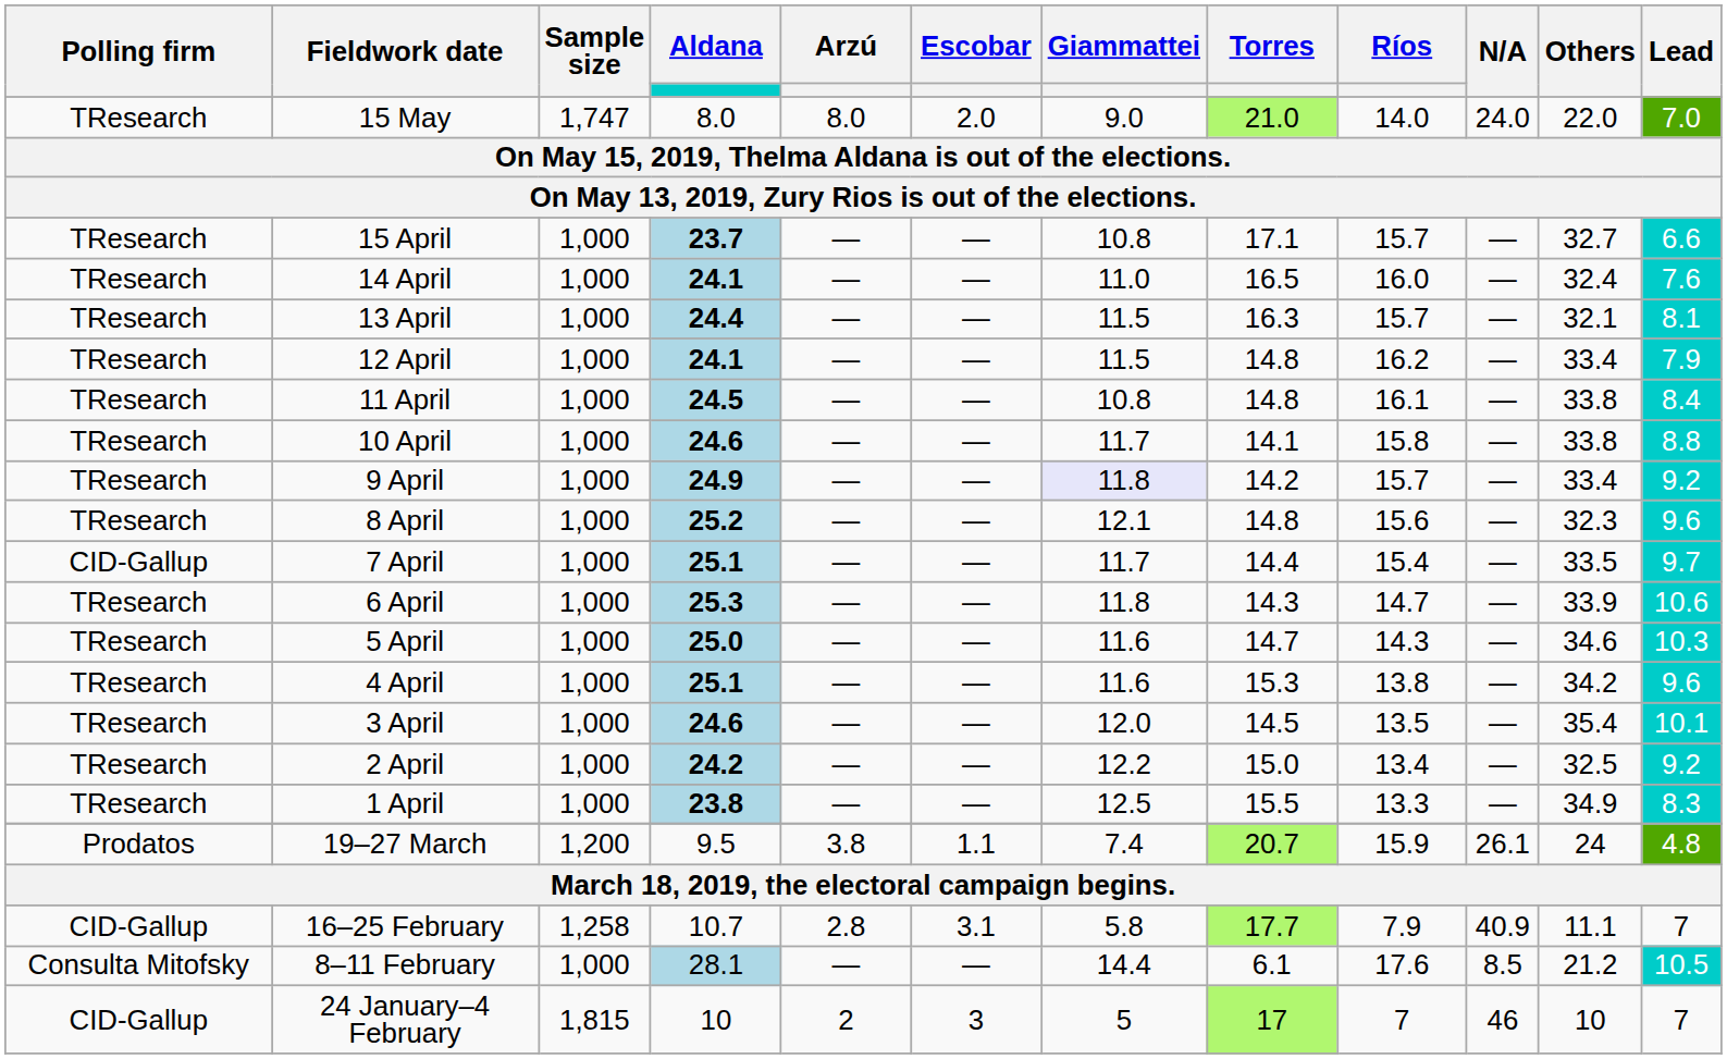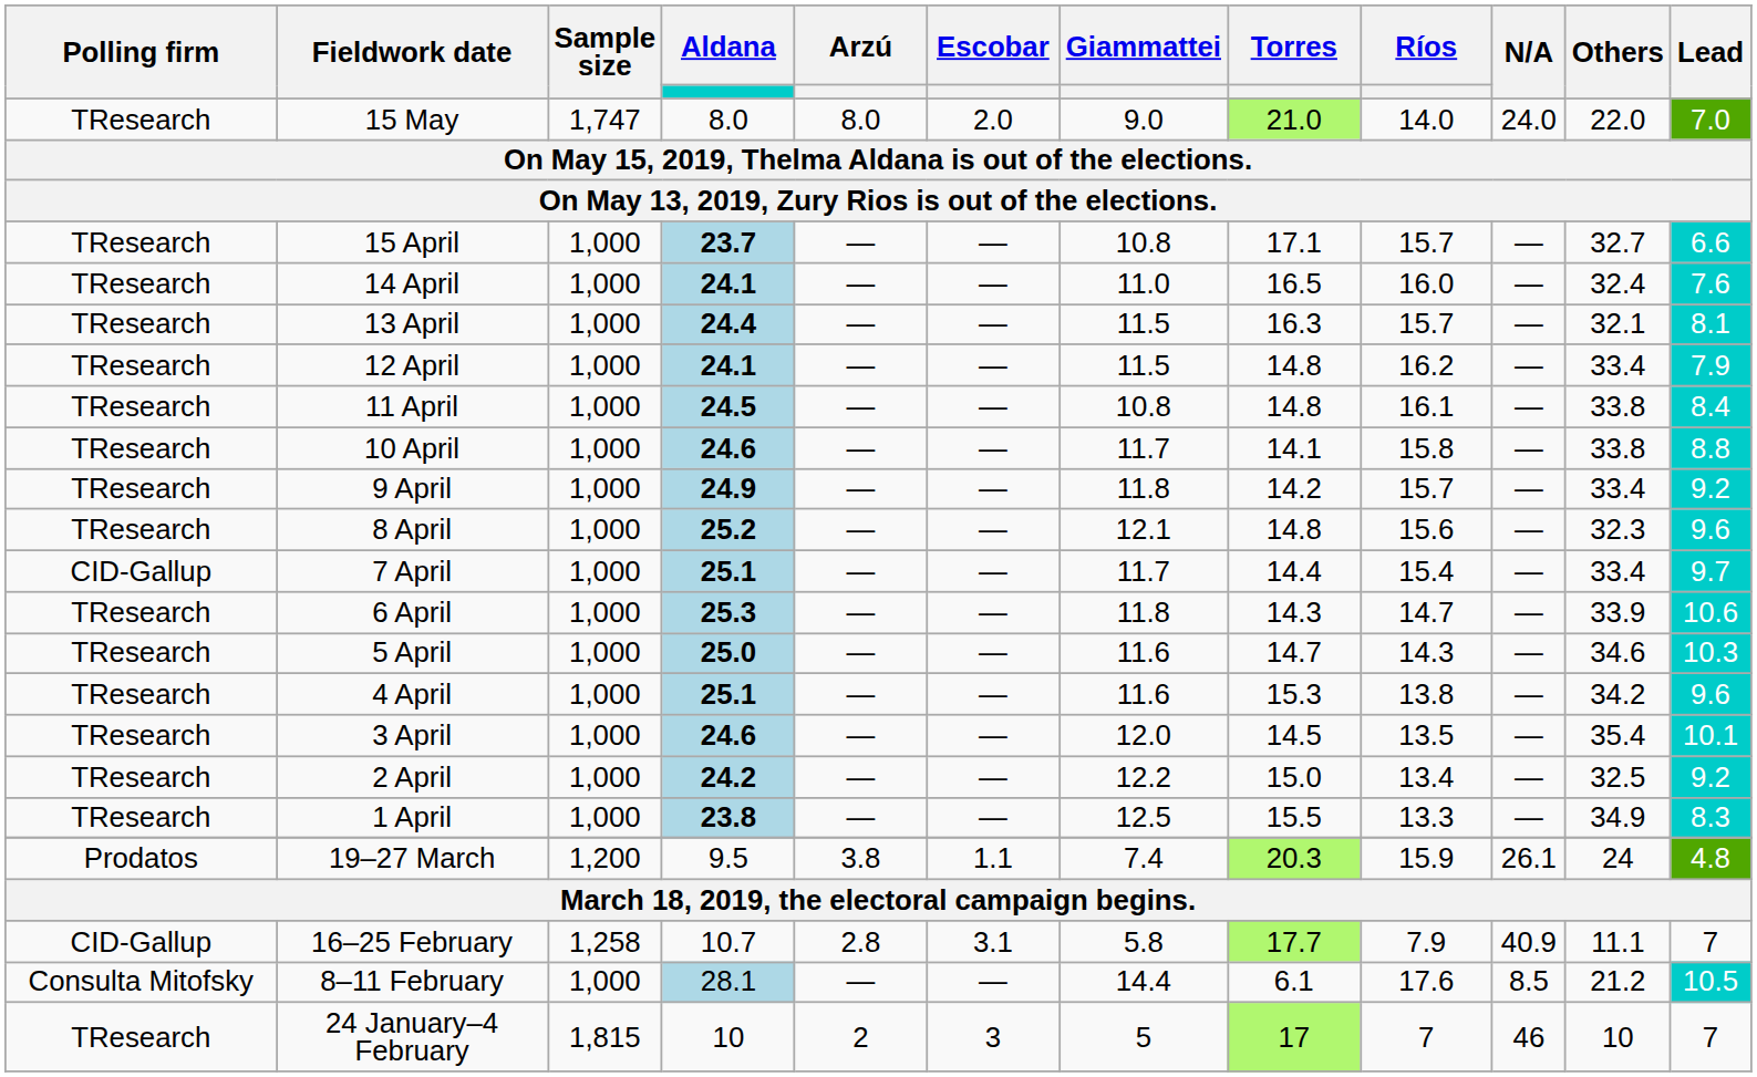 <table class="wikitable sortable" style="text-align:center;font-size:90%;line-height:14px;">
 <tr style="height:40px;">
 <th style="width:130px;" rowspan="2">Polling firm</th>
 <th style="width:130px;" rowspan="2">Fieldwork date</th>
 <th style="width:30px;" rowspan="2">Sample size</th>
 <th class="unsortable" style="width:60px;"><a href='#'>Aldana</a><br></th>
 <th class="unsortable" style="width:60px;">Arzú<br></th>
 <th class="unsortable" style="width:60px;"><a href='#'>Escobar</a><br></th>
 <th class="unsortable" style="width:60px;"><a href='#'>Giammattei</a><br></th>
 <th class="unsortable" style="width:60px;"><a href='#'>Torres</a><br></th>
 <th class="unsortable" style="width:60px;"><a href='#'>Ríos</a><br></th>
 <th style="width:30px;" rowspan="2">N/A</th>
 <th style="width:30px;" rowspan="2">Others</th>
 <th style="width:30px;" rowspan="2">Lead</th>
 </tr>
 <tr>
 <th style="background:#00CCC9;"></th>
 <th style="background:"></th>
 <th style="background:"></th>
 <th style="background:"></th>
 <th style="background:"></th>
 <th style="background:"></th>
 </tr>
 <tr>
 <td>TResearch</td>
 <td>15 May</td>
 <td>1,747</td>
 <td>8.0</td>
 <td>8.0</td>
 <td>2.0</td>
 <td>9.0</td>
 <td style="background:#b0f76f;">21.0</td>
 <td>14.0</td>
 <td>24.0</td>
 <td>22.0</td>
 <td style="background:#50A700; color:white;">7.0</td>
 </tr>
 <tr>
 <th colspan="12">On May 15, 2019, Thelma Aldana is out of the elections.</th>
 </tr>
 <tr>
 <th colspan="12">On May 13, 2019, Zury Rios is out of the elections.</th>
 </tr>
 <tr>
 <td>TResearch</td>
 <td>15 April</td>
 <td>1,000</td>
 <td style="background:#ADD8E6;"><strong>23.7</strong></td>
 <td>—</td>
 <td>—</td>
 <td>10.8</td>
 <td>17.1</td>
 <td>15.7</td>
 <td>—</td>
 <td>32.7</td>
 <td style="background:#00CCC9; color:white;">6.6</td>
 </tr>
 <tr>
 <td>TResearch</td>
 <td>14 April</td>
 <td>1,000</td>
 <td style="background:#ADD8E6;"><strong>24.1</strong></td>
 <td>—</td>
 <td>—</td>
 <td>11.0</td>
 <td>16.5</td>
 <td>16.0</td>
 <td>—</td>
 <td>32.4</td>
 <td style="background:#00CCC9; color:white;">7.6</td>
 </tr>
 <tr>
 <td>TResearch</td>
 <td>13 April</td>
 <td>1,000</td>
 <td style="background:#ADD8E6;"><strong>24.4</strong></td>
 <td>—</td>
 <td>—</td>
 <td>11.5</td>
 <td>16.3</td>
 <td>15.7</td>
 <td>—</td>
 <td>32.1</td>
 <td style="background:#00CCC9; color:white;">8.1</td>
 </tr>
 <tr>
 <td>TResearch</td>
 <td>12 April</td>
 <td>1,000</td>
 <td style="background:#ADD8E6;"><strong>24.1</strong></td>
 <td>—</td>
 <td>—</td>
 <td>11.5</td>
 <td>14.8</td>
 <td>16.2</td>
 <td>—</td>
 <td>33.4</td>
 <td style="background:#00CCC9; color:white;">7.9</td>
 </tr>
 <tr>
 <td>TResearch</td>
 <td>11 April</td>
 <td>1,000</td>
 <td style="background:#ADD8E6;"><strong>24.5</strong></td>
 <td>—</td>
 <td>—</td>
 <td>10.8</td>
 <td>14.8</td>
 <td>16.1</td>
 <td>—</td>
 <td>33.8</td>
 <td style="background:#00CCC9; color:white;">8.4</td>
 </tr>
 <tr>
 <td>TResearch</td>
 <td>10 April</td>
 <td>1,000</td>
 <td style="background:#ADD8E6;"><strong>24.6</strong></td>
 <td>—</td>
 <td>—</td>
 <td>11.7</td>
 <td>14.1</td>
 <td>15.8</td>
 <td>—</td>
 <td>33.8</td>
 <td style="background:#00CCC9; color:white;">8.8</td>
 </tr>
 <tr>
 <td>TResearch</td>
 <td>9 April</td>
 <td>1,000</td>
 <td style="background:#ADD8E6;"><strong>24.9</strong></td>
 <td>—</td>
 <td>—</td>
-<td style="background: lavender;">11.8</td>
+<td>11.8</td>
 <td>14.2</td>
 <td>15.7</td>
 <td>—</td>
 <td>33.4</td>
 <td style="background:#00CCC9; color:white;">9.2</td>
 </tr>
 <tr>
 <td>TResearch</td>
 <td>8 April</td>
 <td>1,000</td>
 <td style="background:#ADD8E6;"><strong>25.2</strong></td>
 <td>—</td>
 <td>—</td>
 <td>12.1</td>
 <td>14.8</td>
 <td>15.6</td>
 <td>—</td>
 <td>32.3</td>
 <td style="background:#00CCC9; color:white;">9.6</td>
 </tr>
 <tr>
 <td>CID-Gallup</td>
 <td>7 April</td>
 <td>1,000</td>
 <td style="background:#ADD8E6;"><strong>25.1</strong></td>
 <td>—</td>
 <td>—</td>
 <td>11.7</td>
 <td>14.4</td>
 <td>15.4</td>
 <td>—</td>
-<td>33.5</td>
+<td>33.4</td>
 <td style="background:#00CCC9; color:white;">9.7</td>
 </tr>
 <tr>
 <td>TResearch</td>
 <td>6 April</td>
 <td>1,000</td>
 <td style="background:#ADD8E6;"><strong>25.3</strong></td>
 <td>—</td>
 <td>—</td>
 <td>11.8</td>
 <td>14.3</td>
 <td>14.7</td>
 <td>—</td>
 <td>33.9</td>
 <td style="background:#00CCC9; color:white;">10.6</td>
 </tr>
 <tr>
 <td>TResearch</td>
 <td>5 April</td>
 <td>1,000</td>
 <td style="background:#ADD8E6;"><strong>25.0</strong></td>
 <td>—</td>
 <td>—</td>
 <td>11.6</td>
 <td>14.7</td>
 <td>14.3</td>
 <td>—</td>
 <td>34.6</td>
 <td style="background:#00CCC9; color:white;">10.3</td>
 </tr>
 <tr>
 <td>TResearch</td>
 <td>4 April</td>
 <td>1,000</td>
 <td style="background:#ADD8E6;"><strong>25.1</strong></td>
 <td>—</td>
 <td>—</td>
 <td>11.6</td>
 <td>15.3</td>
 <td>13.8</td>
 <td>—</td>
 <td>34.2</td>
 <td style="background:#00CCC9; color:white;">9.6</td>
 </tr>
 <tr>
 <td>TResearch</td>
 <td>3 April</td>
 <td>1,000</td>
 <td style="background:#ADD8E6;"><strong>24.6</strong></td>
 <td>—</td>
 <td>—</td>
 <td>12.0</td>
 <td>14.5</td>
 <td>13.5</td>
 <td>—</td>
 <td>35.4</td>
 <td style="background:#00CCC9; color:white;">10.1</td>
 </tr>
 <tr>
 <td>TResearch</td>
 <td>2 April</td>
 <td>1,000</td>
 <td style="background:#ADD8E6;"><strong>24.2</strong></td>
 <td>—</td>
 <td>—</td>
 <td>12.2</td>
 <td>15.0</td>
 <td>13.4</td>
 <td>—</td>
 <td>32.5</td>
 <td style="background:#00CCC9; color:white;">9.2</td>
 </tr>
 <tr>
 <td>TResearch</td>
 <td>1 April</td>
 <td>1,000</td>
 <td style="background:#ADD8E6;"><strong>23.8</strong></td>
 <td>—</td>
 <td>—</td>
 <td>12.5</td>
 <td>15.5</td>
 <td>13.3</td>
 <td>—</td>
 <td>34.9</td>
 <td style="background:#00CCC9; color:white;">8.3</td>
 </tr>
 <tr>
 </tr>
 <tr>
 <td>Prodatos</td>
 <td>19–27 March</td>
 <td>1,200</td>
 <td>9.5</td>
 <td>3.8</td>
 <td>1.1</td>
 <td>7.4</td>
-<td style="background:#b0f76f;">20.7</td>
+<td style="background:#b0f76f;">20.3</td>
 <td>15.9</td>
 <td>26.1</td>
 <td>24</td>
 <td style="background:#50A700; color:white;">4.8</td>
 </tr>
 <tr>
 <th colspan="12">March 18, 2019, the electoral campaign begins.</th>
 </tr>
 <tr>
 <td>CID-Gallup</td>
 <td>16–25 February</td>
 <td>1,258</td>
 <td>10.7</td>
 <td>2.8</td>
 <td>3.1</td>
 <td>5.8</td>
 <td style="background:#b0f76f;">17.7</td>
 <td>7.9</td>
 <td>40.9</td>
 <td>11.1</td>
 <td style="background:">7</td>
 </tr>
 <tr>
 <td>Consulta Mitofsky</td>
 <td>8–11 February</td>
 <td>1,000</td>
 <td style="background:#ADD8E6;">28.1</td>
 <td>—</td>
 <td>—</td>
 <td>14.4</td>
 <td>6.1</td>
 <td>17.6</td>
 <td>8.5</td>
 <td>21.2</td>
 <td style="background:#00CCC9; color:white;">10.5</td>
 </tr>
 <tr>
-<td>CID-Gallup</td>
+<td>TResearch</td>
 <td>24 January–4 February</td>
 <td>1,815</td>
 <td>10</td>
 <td>2</td>
 <td>3</td>
 <td>5</td>
 <td style="background:#b0f76f;">17</td>
 <td>7</td>
 <td>46</td>
 <td>10</td>
 <td style="background:">7</td>
 </tr>
 </table>
